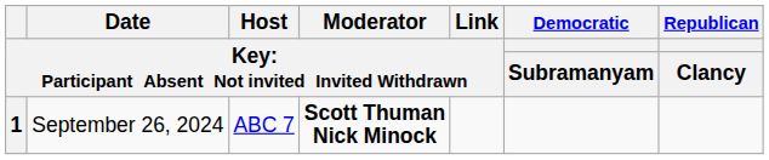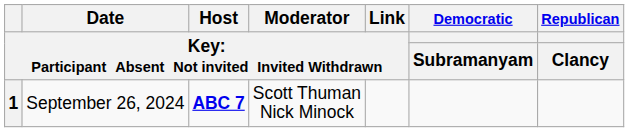 <table class="wikitable" style="text-align:center;">
 <tr>
 <th scope="col"></th>
 <th scope="col">Date</th>
 <th scope="col">Host</th>
 <th scope="col">Moderator</th>
 <th scope="col">Link</th>
 <th scope="col"><small><a href='#'>Democratic</a></small></th>
 <th scope="col"><small><a href='#'>Republican</a></small></th>
 </tr>
 <tr>
 <th colspan="5" rowspan="2">Key:<br> <small>Participant </small>  <small>Absent </small>  <small>Not invited </small>  <small>Invited  Withdrawn</small></th>
 <th scope="col" style="background:"></th>
 <th scope="col" style="background:"></th>
 </tr>
 <tr>
 <th scope="col">Subramanyam</th>
 <th scope="col">Clancy</th>
 </tr>
 <tr>
 <th>1</th>
 <td style="white-space:nowrap;">September 26, 2024</td>
-<td style="white-space:nowrap;"><a href='#'>ABC 7</a></td>
-<td style="white-space:nowrap;"><strong>Scott Thuman<br>Nick Minock</strong></td>
+<td style="white-space:nowrap;"><strong><a href='#'>ABC 7</a></strong></td>
+<td style="white-space:nowrap;">Scott Thuman<br>Nick Minock</td>
 <td style="white-space:nowrap;"></td>
 <td></td>
 <td></td>
 </tr>
 </table>
